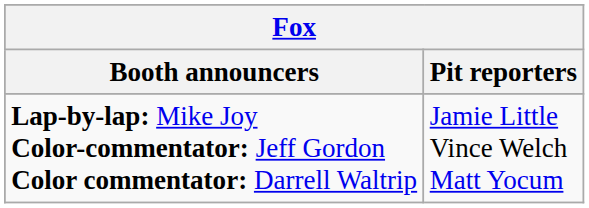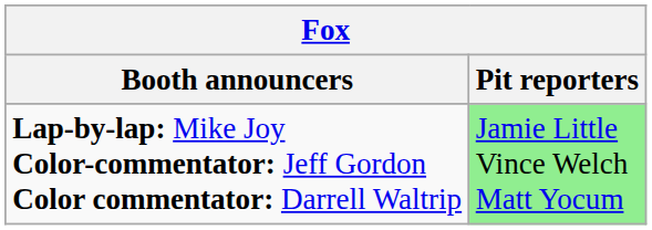 <table class="wikitable" style="font-size: 95%">
 <tr>
 <th colspan="2"><a href='#'>Fox</a></th>
 </tr>
 <tr>
 <th>Booth announcers</th>
 <th>Pit reporters</th>
 </tr>
 <tr>
 <td><strong>Lap-by-lap:</strong> <a href='#'>Mike Joy</a><br><strong>Color-commentator:</strong> <a href='#'>Jeff Gordon</a><br><strong>Color commentator:</strong> <a href='#'>Darrell Waltrip</a></td>
-<td><a href='#'>Jamie Little</a><br>Vince Welch<br><a href='#'>Matt Yocum</a></td>
+<td style="background: lightgreen;"><a href='#'>Jamie Little</a><br>Vince Welch<br><a href='#'>Matt Yocum</a></td>
 </tr>
 </table>
